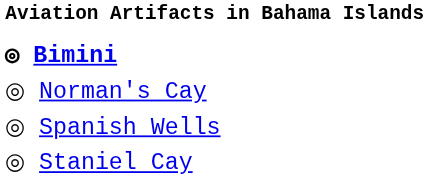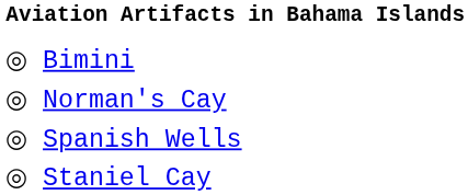 <table style="width: 45%; border: none; text-align: left;">
 <tr>
 <td><small><strong>Aviation Artifacts in Bahama Islands</strong></small></td>
 </tr>
 <tr>
 <td></td>
 </tr>
 <tr>
-<td><strong>◎ <a href='#'>Bimini</a></strong></td>
+<td>◎ <a href='#'>Bimini</a></td>
 </tr>
 <tr>
 <td>◎ <a href='#'>Norman's Cay</a></td>
 </tr>
 <tr>
 <td>◎ <a href='#'>Spanish Wells</a></td>
 </tr>
 <tr>
 <td>◎ <a href='#'>Staniel Cay</a></td>
 </tr>
 </table>
